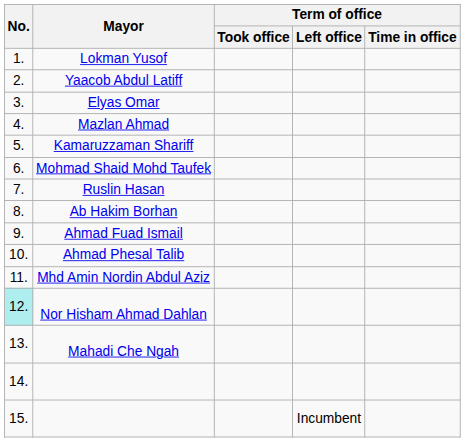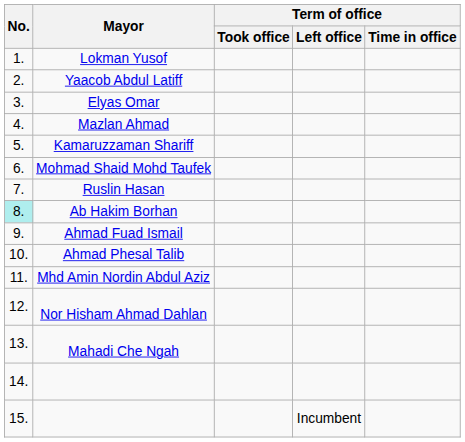 <table class="wikitable" style="text-align:center;">
 <tr>
 <th rowspan=2>No.</th>
 <th rowspan=2>Mayor</th>
 <th colspan=3>Term of office</th>
 </tr>
 <tr>
 <th>Took office</th>
 <th>Left office</th>
 <th>Time in office</th>
 </tr>
 <tr>
 <td>1.</td>
 <td><a href='#'>Lokman Yusof</a></td>
 <td></td>
 <td></td>
 <td></td>
 </tr>
 <tr>
 <td>2.</td>
 <td><a href='#'>Yaacob Abdul Latiff</a></td>
 <td></td>
 <td></td>
 <td></td>
 </tr>
 <tr>
 <td>3.</td>
 <td><a href='#'>Elyas Omar</a></td>
 <td></td>
 <td></td>
 <td></td>
 </tr>
 <tr>
 <td>4.</td>
 <td><a href='#'>Mazlan Ahmad</a></td>
 <td></td>
 <td></td>
 <td></td>
 </tr>
 <tr>
 <td>5.</td>
 <td><a href='#'>Kamaruzzaman Shariff</a></td>
 <td></td>
 <td></td>
 <td></td>
 </tr>
 <tr>
 <td>6.</td>
 <td><a href='#'>Mohmad Shaid Mohd Taufek</a></td>
 <td></td>
 <td></td>
 <td></td>
 </tr>
 <tr>
 <td>7.</td>
 <td><a href='#'>Ruslin Hasan</a></td>
 <td></td>
 <td></td>
 <td></td>
 </tr>
 <tr>
-<td>8.</td>
+<td style="background: paleturquoise;">8.</td>
 <td><a href='#'>Ab Hakim Borhan</a></td>
 <td></td>
 <td></td>
 <td></td>
 </tr>
 <tr>
 <td>9.</td>
 <td><a href='#'>Ahmad Fuad Ismail</a></td>
 <td></td>
 <td></td>
 <td></td>
 </tr>
 <tr>
 <td>10.</td>
 <td><a href='#'>Ahmad Phesal Talib</a></td>
 <td></td>
 <td></td>
 <td></td>
 </tr>
 <tr>
 <td>11.</td>
 <td><a href='#'>Mhd Amin Nordin Abdul Aziz</a></td>
 <td></td>
 <td></td>
 <td></td>
 </tr>
 <tr>
-<td style="background: paleturquoise;">12.</td>
+<td>12.</td>
 <td><br><a href='#'>Nor Hisham Ahmad Dahlan</a></td>
 <td></td>
 <td></td>
 <td></td>
 </tr>
 <tr>
 <td>13.</td>
 <td><br><a href='#'>Mahadi Che Ngah</a></td>
 <td></td>
 <td></td>
 <td></td>
 </tr>
 <tr>
 <td>14.</td>
 <td><br><br></td>
 <td></td>
 <td></td>
 <td></td>
 </tr>
 <tr>
 <td>15.</td>
 <td><br><br></td>
 <td></td>
 <td>Incumbent</td>
 <td></td>
 </tr>
 </table>
